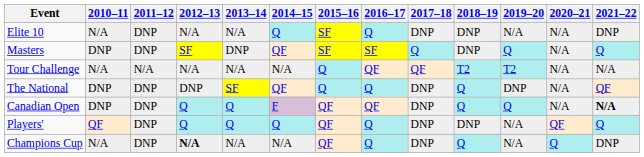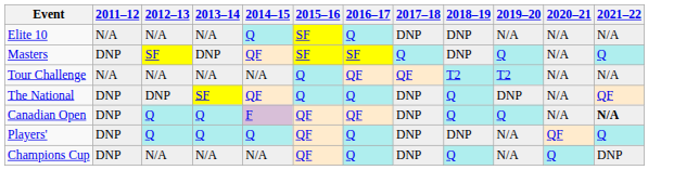 <table class="wikitable" border="1">
 <tr>
 <th>Event</th>
-<th><a href='#'>2010–11</a></th>
 <th><a href='#'>2011–12</a></th>
 <th><a href='#'>2012–13</a></th>
 <th><a href='#'>2013–14</a></th>
 <th><a href='#'>2014–15</a></th>
 <th><a href='#'>2015–16</a></th>
 <th><a href='#'>2016–17</a></th>
 <th><a href='#'>2017–18</a></th>
 <th><a href='#'>2018–19</a></th>
 <th><a href='#'>2019–20</a></th>
 <th><a href='#'>2020–21</a></th>
 <th><a href='#'>2021–22</a></th>
 </tr>
 <tr>
 <td><a href='#'>Elite 10</a></td>
 <td style="background:#EFEFEF;">N/A</td>
-<td style="background:#EFEFEF;">DNP</td>
 <td style="background:#EFEFEF;">N/A</td>
 <td style="background:#EFEFEF;">N/A</td>
 <td style="background:#afeeee;"><a href='#'>Q</a></td>
 <td style="background:yellow;"><a href='#'>SF</a></td>
 <td style="background:#afeeee;"><a href='#'>Q</a></td>
 <td style="background:#EFEFEF;">DNP</td>
 <td style="background:#EFEFEF;">DNP</td>
 <td style="background:#EFEFEF;">N/A</td>
 <td style="background:#EFEFEF;">N/A</td>
-<td style="background:#EFEFEF;">DNP</td>
+<td style="background:#EFEFEF;">N/A</td>
 </tr>
 <tr>
 <td><a href='#'>Masters</a></td>
-<td style="background:#EFEFEF;">DNP</td>
 <td style="background:#EFEFEF;">DNP</td>
 <td style="background:yellow;"><a href='#'>SF</a></td>
 <td style="background:#EFEFEF;">DNP</td>
 <td style="background:#ffebcd;"><a href='#'>QF</a></td>
 <td style="background:yellow;"><a href='#'>SF</a></td>
 <td style="background:yellow;"><a href='#'>SF</a></td>
 <td style="background:#afeeee;"><a href='#'>Q</a></td>
 <td style="background:#EFEFEF;">DNP</td>
 <td style="background:#afeeee;"><a href='#'>Q</a></td>
 <td style="background:#EFEFEF;">N/A</td>
 <td style="background:#afeeee;"><a href='#'>Q</a></td>
 </tr>
 <tr>
 <td><a href='#'>Tour Challenge</a></td>
 <td style="background:#EFEFEF;">N/A</td>
 <td style="background:#EFEFEF;">N/A</td>
 <td style="background:#EFEFEF;">N/A</td>
 <td style="background:#EFEFEF;">N/A</td>
-<td style="background:#EFEFEF;">N/A</td>
 <td style="background:#afeeee;"><a href='#'>Q</a></td>
 <td style="background:#ffebcd;"><a href='#'>QF</a></td>
 <td style="background:#ffebcd;"><a href='#'>QF</a></td>
 <td style="background:#afeeee;"><a href='#'>T2</a></td>
 <td style="background:#afeeee;"><a href='#'>T2</a></td>
 <td style="background:#EFEFEF;">N/A</td>
 <td style="background:#EFEFEF;">N/A</td>
 </tr>
 <tr>
 <td><a href='#'>The National</a></td>
-<td style="background:#EFEFEF;">DNP</td>
 <td style="background:#EFEFEF;">DNP</td>
 <td style="background:#EFEFEF;">DNP</td>
 <td style="background:yellow;"><a href='#'>SF</a></td>
 <td style="background:#ffebcd;"><a href='#'>QF</a></td>
 <td style="background:#afeeee;"><a href='#'>Q</a></td>
 <td style="background:#afeeee;"><a href='#'>Q</a></td>
 <td style="background:#EFEFEF;">DNP</td>
 <td style="background:#afeeee;"><a href='#'>Q</a></td>
 <td style="background:#EFEFEF;">DNP</td>
 <td style="background:#EFEFEF;">N/A</td>
 <td style="background:#ffebcd;"><a href='#'>QF</a></td>
 </tr>
 <tr>
 <td><a href='#'>Canadian Open</a></td>
 <td style="background:#EFEFEF;">DNP</td>
-<td style="background:#EFEFEF;">DNP</td>
 <td style="background:#afeeee;"><a href='#'>Q</a></td>
 <td style="background:#afeeee;"><a href='#'>Q</a></td>
 <td style="background:thistle;"><a href='#'>F</a></td>
 <td style="background:#ffebcd;"><a href='#'>QF</a></td>
 <td style="background:#ffebcd;"><a href='#'>QF</a></td>
 <td style="background:#EFEFEF;">DNP</td>
 <td style="background:#afeeee;"><a href='#'>Q</a></td>
 <td style="background:#afeeee;"><a href='#'>Q</a></td>
 <td style="background:#EFEFEF;">N/A</td>
 <td style="background:#EFEFEF;"><strong>N/A</strong></td>
 </tr>
 <tr>
 <td><a href='#'>Players'</a></td>
-<td style="background:#ffebcd;"><a href='#'>QF</a></td>
 <td style="background:#EFEFEF;">DNP</td>
 <td style="background:#afeeee;"><a href='#'>Q</a></td>
 <td style="background:#afeeee;"><a href='#'>Q</a></td>
 <td style="background:#afeeee;"><a href='#'>Q</a></td>
 <td style="background:#ffebcd;"><a href='#'>QF</a></td>
 <td style="background:#afeeee;"><a href='#'>Q</a></td>
 <td style="background:#EFEFEF;">DNP</td>
 <td style="background:#EFEFEF;">DNP</td>
 <td style="background:#EFEFEF;">N/A</td>
 <td style="background:#ffebcd;"><a href='#'>QF</a></td>
 <td style="background:#afeeee;"><a href='#'>Q</a></td>
 </tr>
 <tr>
 <td><a href='#'>Champions Cup</a></td>
+<td style="background:#EFEFEF;">DNP</td>
 <td style="background:#EFEFEF;">N/A</td>
-<td style="background:#EFEFEF;">DNP</td>
-<td style="background:#EFEFEF;"><strong>N/A</strong></td>
 <td style="background:#EFEFEF;">N/A</td>
 <td style="background:#EFEFEF;">N/A</td>
 <td style="background:#ffebcd;"><a href='#'>QF</a></td>
 <td style="background:#afeeee;"><a href='#'>Q</a></td>
 <td style="background:#EFEFEF;">DNP</td>
 <td style="background:#afeeee;"><a href='#'>Q</a></td>
 <td style="background:#EFEFEF;">N/A</td>
 <td style="background:#afeeee;"><a href='#'>Q</a></td>
 <td style="background:#EFEFEF;">DNP</td>
 </tr>
 </table>
